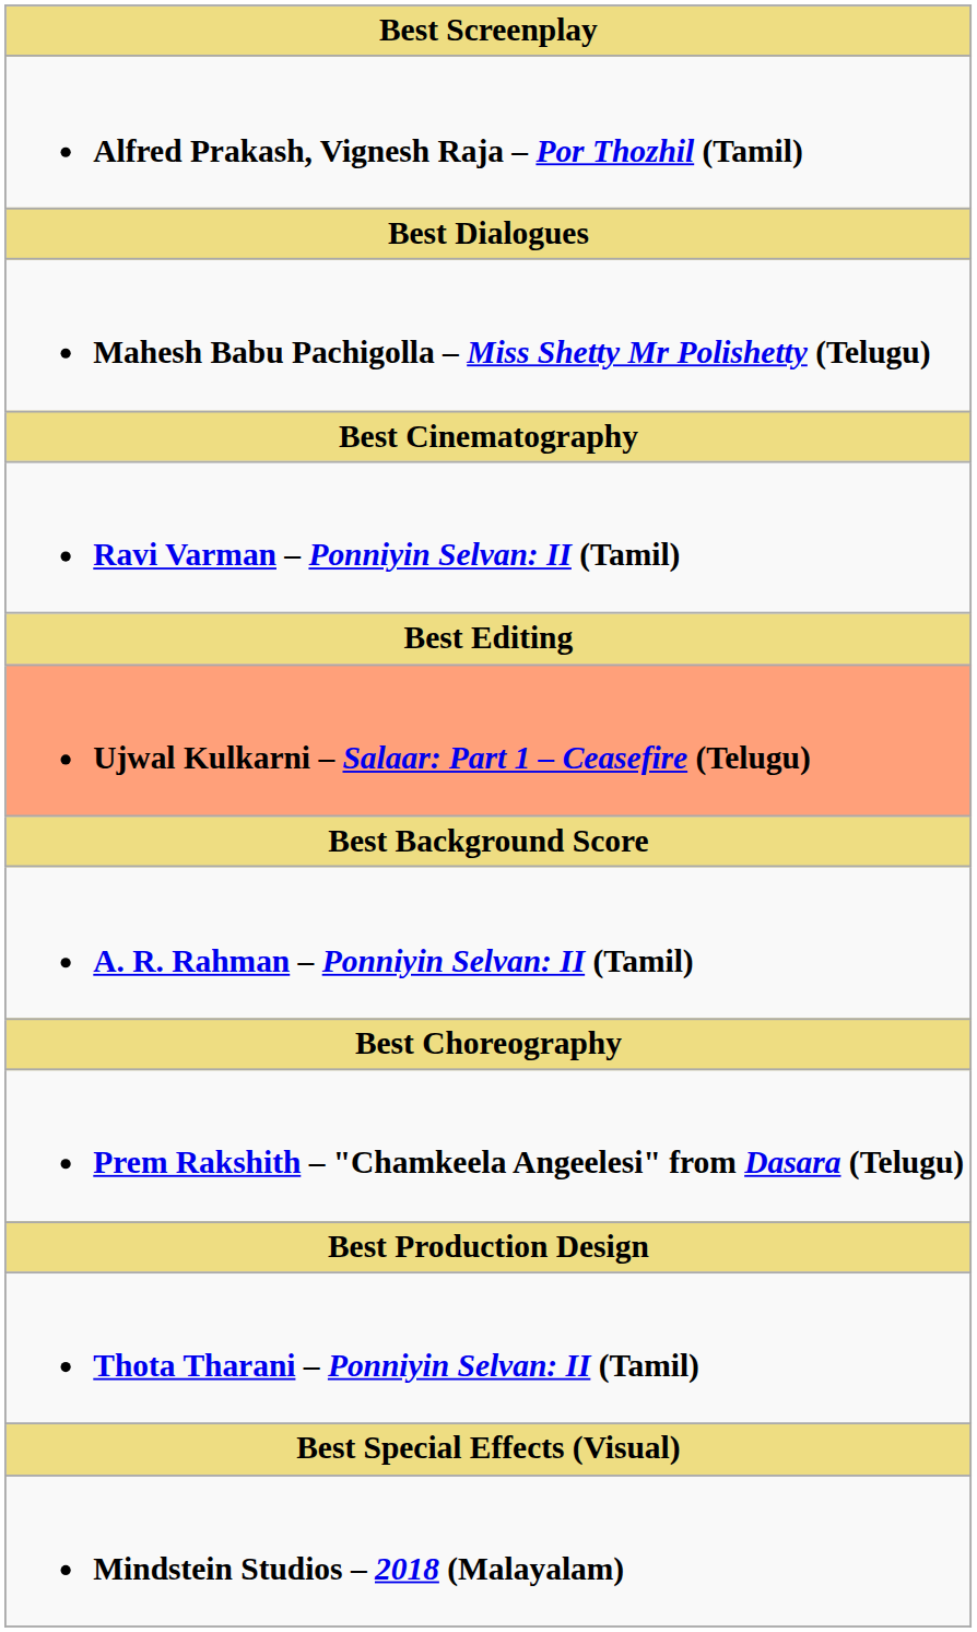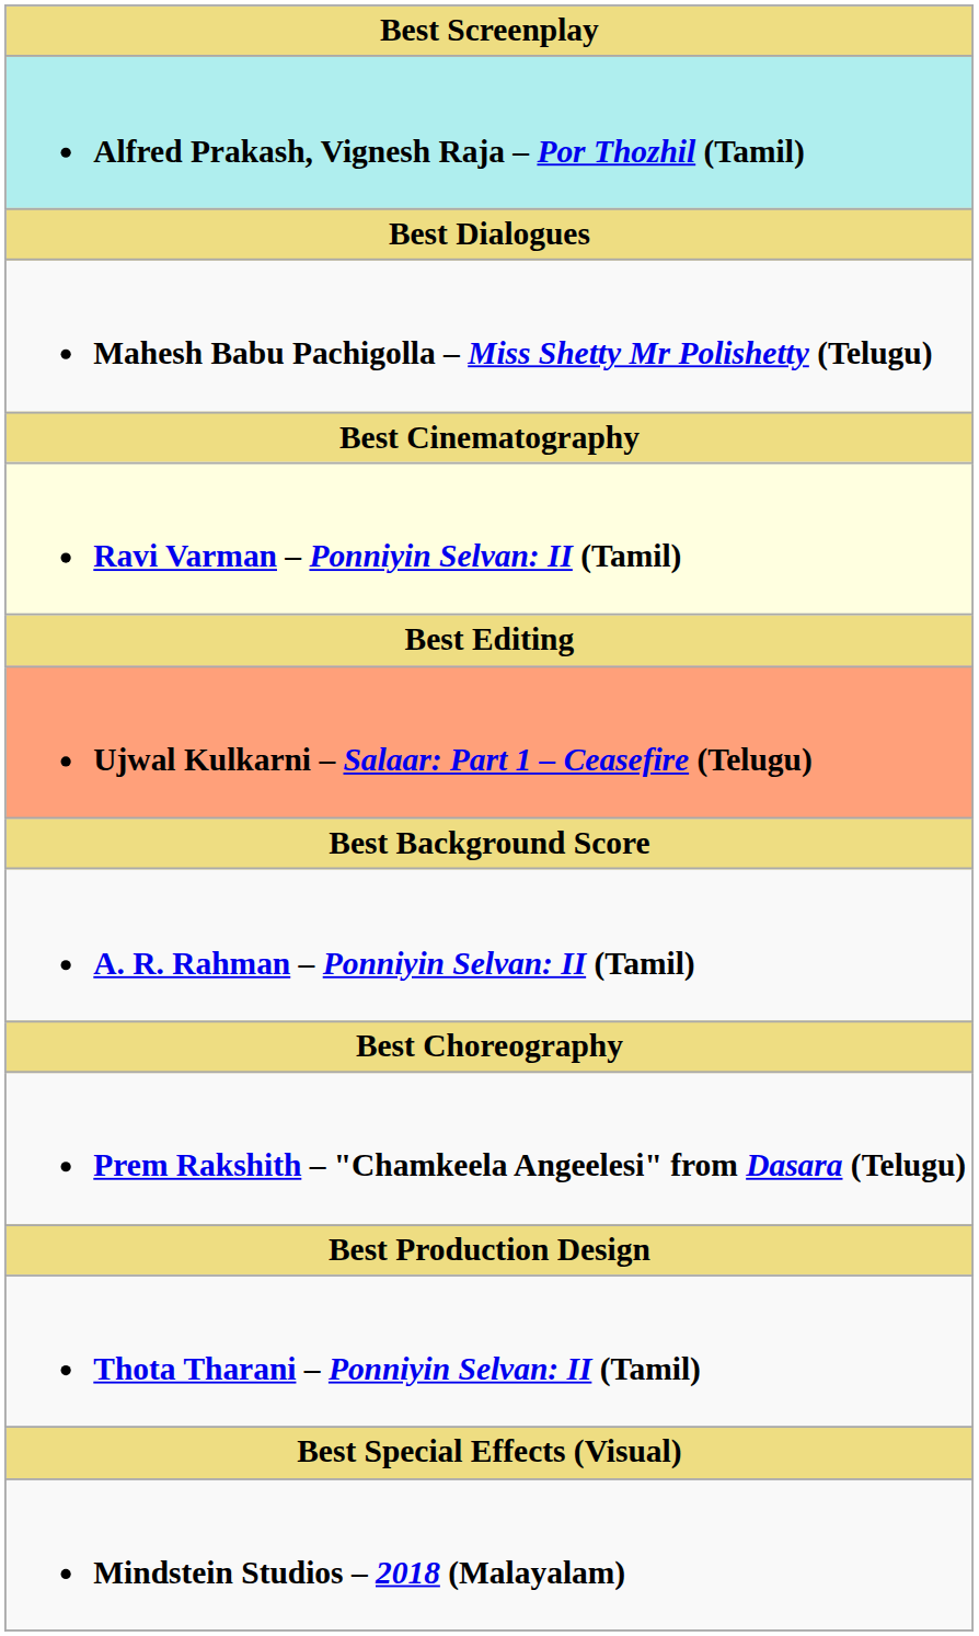 <table class="wikitable">
 <tr>
 <th style="background:#eedd82; text-align:center;">Best Screenplay</th>
 </tr>
 <tr>
-<td><br><ul><li><strong>Alfred Prakash, Vignesh Raja – <em><a href='#'>Por Thozhil</a></em> (Tamil)</strong></li></ul></td>
+<td style="background: paleturquoise;"><br><ul><li><strong>Alfred Prakash, Vignesh Raja – <em><a href='#'>Por Thozhil</a></em> (Tamil)</strong></li></ul></td>
 </tr>
 <tr>
 <th style="background:#eedd82; text-align:center;">Best Dialogues</th>
 </tr>
 <tr>
 <td><br><ul><li><strong>Mahesh Babu Pachigolla – <em><a href='#'>Miss Shetty Mr Polishetty</a></em> (Telugu)</strong></li></ul></td>
 </tr>
 <tr>
 <th style="background:#eedd82; text-align:center;">Best Cinematography</th>
 </tr>
 <tr>
-<td><br><ul><li><strong><a href='#'>Ravi Varman</a> – <em><a href='#'>Ponniyin Selvan: II</a></em> (Tamil)</strong></li></ul></td>
+<td style="background: lightyellow;"><br><ul><li><strong><a href='#'>Ravi Varman</a> – <em><a href='#'>Ponniyin Selvan: II</a></em> (Tamil)</strong></li></ul></td>
 </tr>
 <tr>
 <th style="background:#eedd82; text-align:center;">Best Editing</th>
 </tr>
 <tr>
 <td style="background: lightsalmon;"><br><ul><li><strong>Ujwal Kulkarni – <em><a href='#'>Salaar: Part 1 – Ceasefire</a></em> (Telugu)</strong></li></ul></td>
 </tr>
 <tr>
 <th style="background:#eedd82; text-align:center;">Best Background Score</th>
 </tr>
 <tr>
 <td><br><ul><li><strong><a href='#'>A. R. Rahman</a> – <a href='#'><em>Ponniyin Selvan: II</em></a> (Tamil)</strong></li></ul></td>
 </tr>
 <tr>
 <th style="background:#eedd82; text-align:center;">Best Choreography</th>
 </tr>
 <tr>
 <td><br><ul><li><strong><a href='#'>Prem Rakshith</a> – "Chamkeela Angeelesi" from <a href='#'><em>Dasara</em></a> (Telugu)</strong></li></ul></td>
 </tr>
 <tr>
 <th style="background:#eedd82; text-align:center;">Best Production Design</th>
 </tr>
 <tr>
 <td><br><ul><li><strong><a href='#'>Thota Tharani</a></strong> <strong>– <em><a href='#'>Ponniyin Selvan: II</a></em> (Tamil)</strong></li></ul></td>
 </tr>
 <tr>
 <th style="background:#eedd82; text-align:center;">Best Special Effects (Visual)</th>
 </tr>
 <tr>
 <td><br><ul><li><strong>Mindstein Studios – <a href='#'><em>2018</em></a> (Malayalam)</strong></li></ul></td>
 </tr>
 </table>
